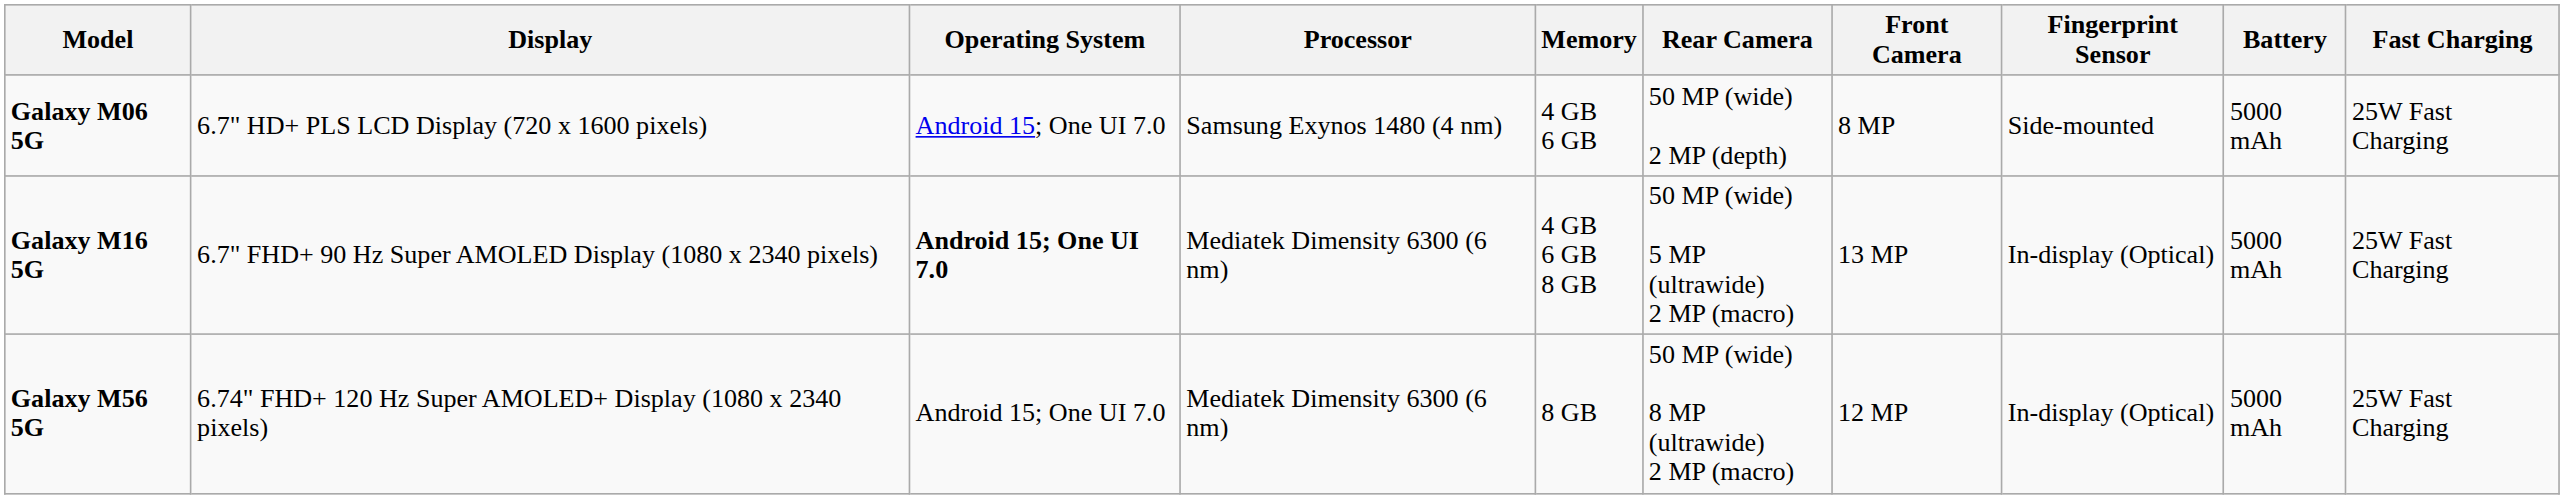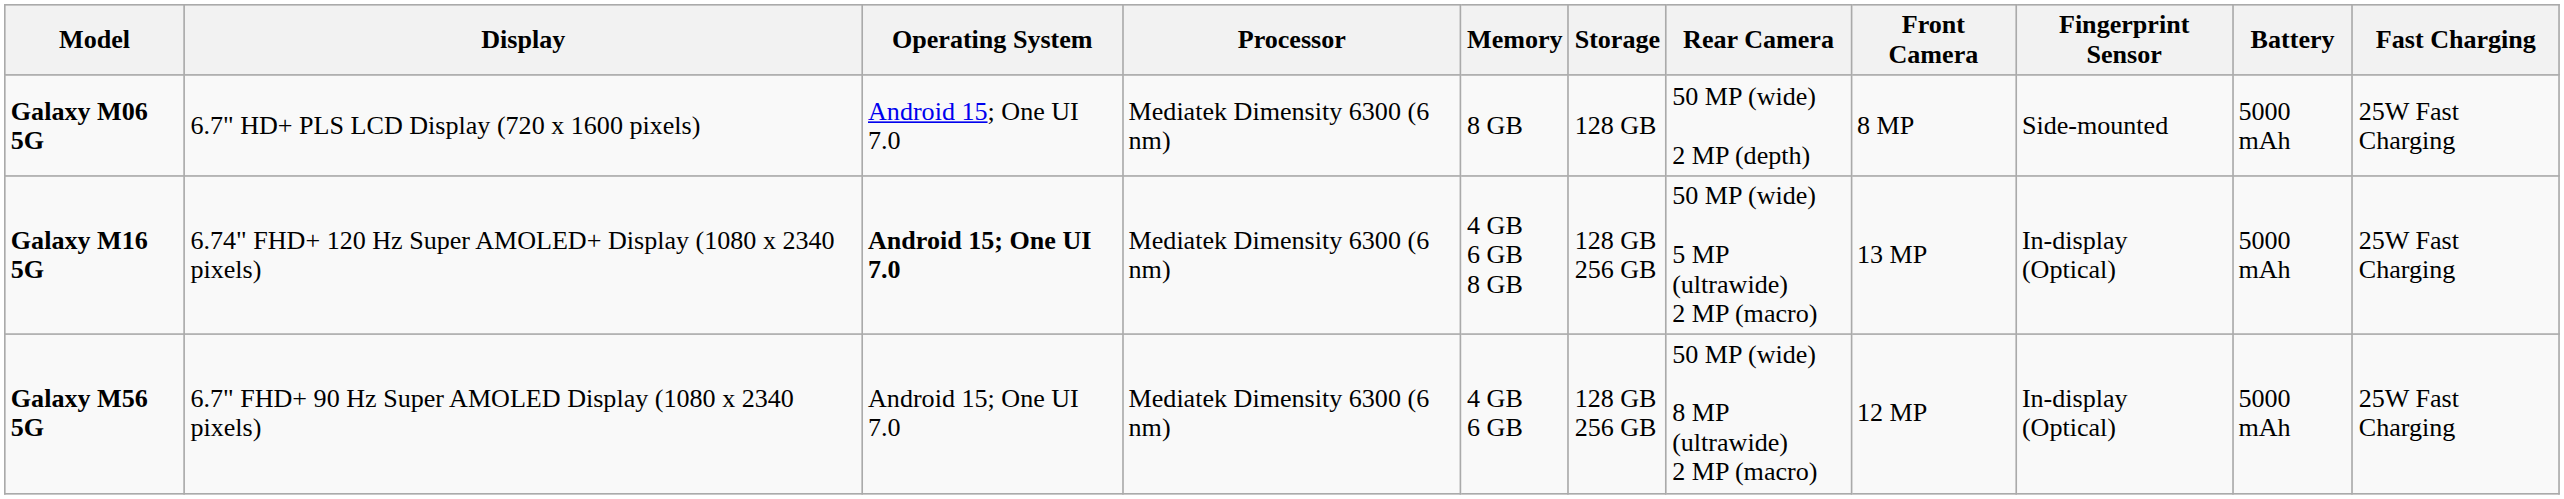 <table class="wikitable">
 <tr>
 <th>Model</th>
 <th>Display</th>
 <th>Operating System</th>
 <th>Processor</th>
 <th>Memory</th>
+<th>Storage</th>
 <th>Rear Camera</th>
 <th>Front Camera</th>
 <th>Fingerprint Sensor</th>
 <th>Battery</th>
 <th>Fast Charging</th>
 </tr>
 <tr>
 <td><strong>Galaxy M06 5G</strong></td>
 <td>6.7" HD+ PLS LCD Display (720 x 1600 pixels)</td>
 <td><a href='#'>Android 15</a>; One UI 7.0</td>
-<td>Samsung Exynos 1480 (4 nm)</td>
-<td>4 GB<br>6 GB</td>
+<td>Mediatek Dimensity 6300 (6 nm)</td>
+<td>8 GB</td>
+<td>128 GB</td>
 <td>50 MP (wide)<br><br>2 MP (depth)</td>
 <td>8 MP</td>
 <td>Side-mounted</td>
 <td>5000 mAh</td>
 <td>25W Fast Charging</td>
 </tr>
 <tr>
 <td><strong>Galaxy M16 5G</strong></td>
-<td>6.7" FHD+ 90 Hz Super AMOLED Display (1080 x 2340 pixels)</td>
+<td>6.74" FHD+ 120 Hz Super AMOLED+ Display (1080 x 2340 pixels)</td>
 <td><strong>Android 15; One UI 7.0</strong></td>
 <td>Mediatek Dimensity 6300 (6 nm)</td>
 <td>4 GB<br>6 GB<br>8 GB</td>
+<td>128 GB<br>256 GB</td>
 <td>50 MP (wide)<br><br>5 MP (ultrawide)<br> 2 MP (macro)</td>
 <td>13 MP</td>
 <td>In-display (Optical)</td>
 <td>5000 mAh</td>
 <td>25W Fast Charging</td>
 </tr>
 <tr>
 <td><strong>Galaxy M56 5G</strong></td>
-<td>6.74" FHD+ 120 Hz Super AMOLED+ Display (1080 x 2340 pixels)</td>
+<td>6.7" FHD+ 90 Hz Super AMOLED Display (1080 x 2340 pixels)</td>
 <td>Android 15; One UI 7.0</td>
 <td>Mediatek Dimensity 6300 (6 nm)</td>
-<td>8 GB</td>
+<td>4 GB<br>6 GB</td>
+<td>128 GB<br>256 GB</td>
 <td>50 MP (wide)<br><br>8 MP (ultrawide)<br> 2 MP (macro)</td>
 <td>12 MP</td>
 <td>In-display (Optical)</td>
 <td>5000 mAh</td>
 <td>25W Fast Charging</td>
 </tr>
 </table>
